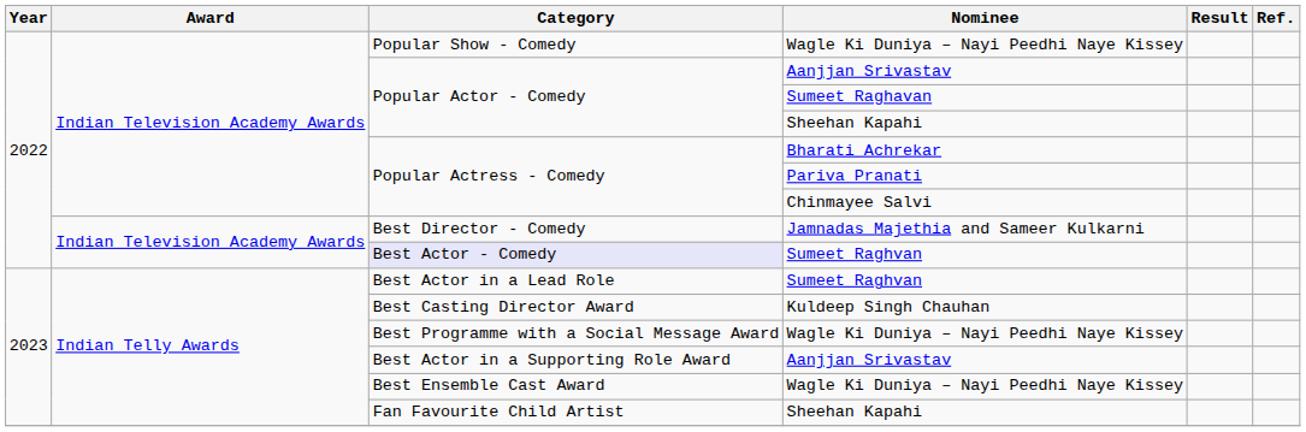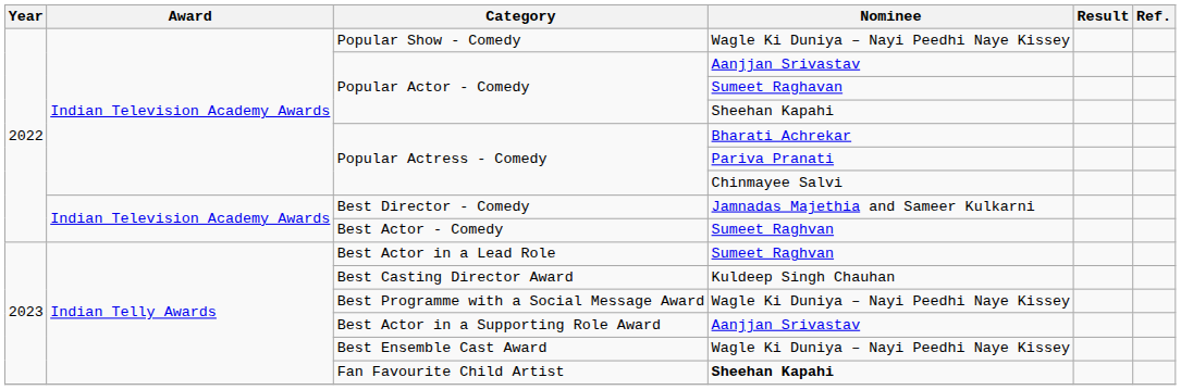 <table class="wikitable">
 <tr>
 <th>Year</th>
 <th>Award</th>
 <th>Category</th>
 <th>Nominee</th>
 <th>Result</th>
 <th>Ref.</th>
 </tr>
 <tr>
 <td rowspan="9">2022</td>
 <td rowspan= "7"><a href='#'>Indian Television Academy Awards</a></td>
 <td>Popular Show - Comedy</td>
 <td>Wagle Ki Duniya – Nayi Peedhi Naye Kissey</td>
 <td></td>
 <td></td>
 </tr>
 <tr>
 <td rowspan= "3">Popular Actor - Comedy</td>
 <td><a href='#'>Aanjjan Srivastav</a></td>
 <td></td>
 <td></td>
 </tr>
 <tr>
 <td><a href='#'>Sumeet Raghavan</a></td>
 <td></td>
 <td></td>
 </tr>
 <tr>
 <td>Sheehan Kapahi</td>
 <td></td>
 <td></td>
 </tr>
 <tr>
 <td rowspan= "3">Popular Actress - Comedy</td>
 <td><a href='#'>Bharati Achrekar</a></td>
 <td></td>
 <td></td>
 </tr>
 <tr>
 <td><a href='#'>Pariva Pranati</a></td>
 <td></td>
 <td></td>
 </tr>
 <tr>
 <td>Chinmayee Salvi</td>
 <td></td>
 <td></td>
 </tr>
 <tr>
 <td rowspan= "2"><a href='#'>Indian Television Academy Awards</a></td>
 <td>Best Director - Comedy</td>
 <td><a href='#'>Jamnadas Majethia</a> and Sameer Kulkarni</td>
 <td></td>
 <td></td>
 </tr>
 <tr>
-<td style="background: lavender;">Best Actor - Comedy</td>
+<td>Best Actor - Comedy</td>
 <td><a href='#'>Sumeet Raghvan</a></td>
 <td></td>
 <td></td>
 </tr>
 <tr>
 <td rowspan= "6">2023</td>
 <td rowspan= "6"><a href='#'>Indian Telly Awards</a></td>
 <td>Best Actor in a Lead Role</td>
 <td><a href='#'>Sumeet Raghvan</a></td>
 <td></td>
 <td></td>
 </tr>
 <tr>
 <td>Best Casting Director Award</td>
 <td>Kuldeep Singh Chauhan</td>
 <td></td>
 <td></td>
 </tr>
 <tr>
 <td>Best Programme with a Social Message Award</td>
 <td>Wagle Ki Duniya – Nayi Peedhi Naye Kissey</td>
 <td></td>
 <td></td>
 </tr>
 <tr>
 <td>Best Actor in a Supporting Role Award</td>
 <td><a href='#'>Aanjjan Srivastav</a></td>
 <td></td>
 <td></td>
 </tr>
 <tr>
 <td>Best Ensemble Cast Award</td>
 <td>Wagle Ki Duniya – Nayi Peedhi Naye Kissey</td>
 <td></td>
 <td></td>
 </tr>
 <tr>
 <td>Fan Favourite Child Artist</td>
-<td>Sheehan Kapahi</td>
+<td><strong>Sheehan Kapahi</strong></td>
 <td></td>
 <td></td>
 </tr>
 <tr>
 </tr>
 </table>
